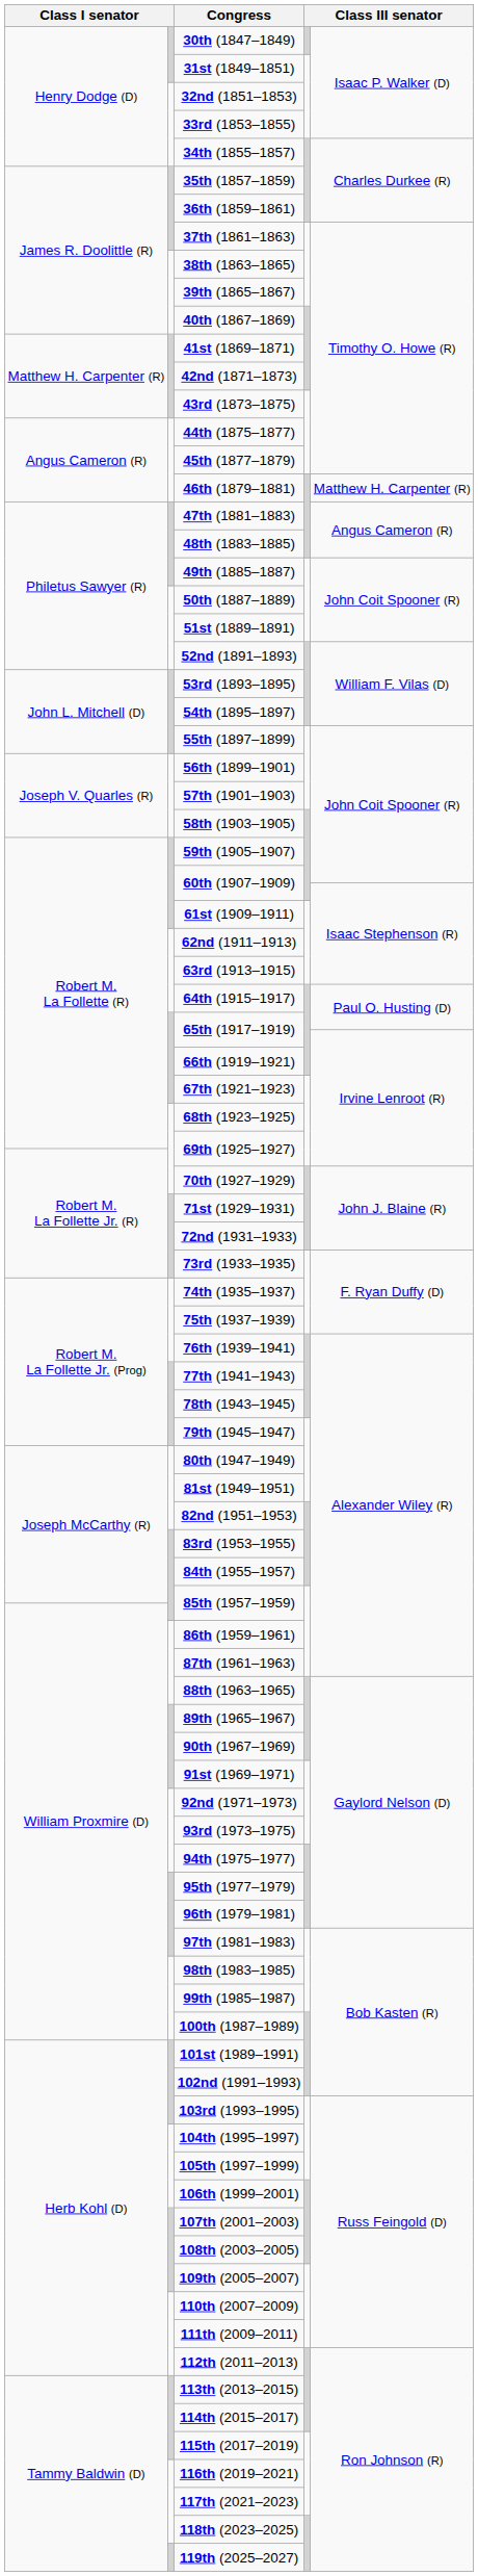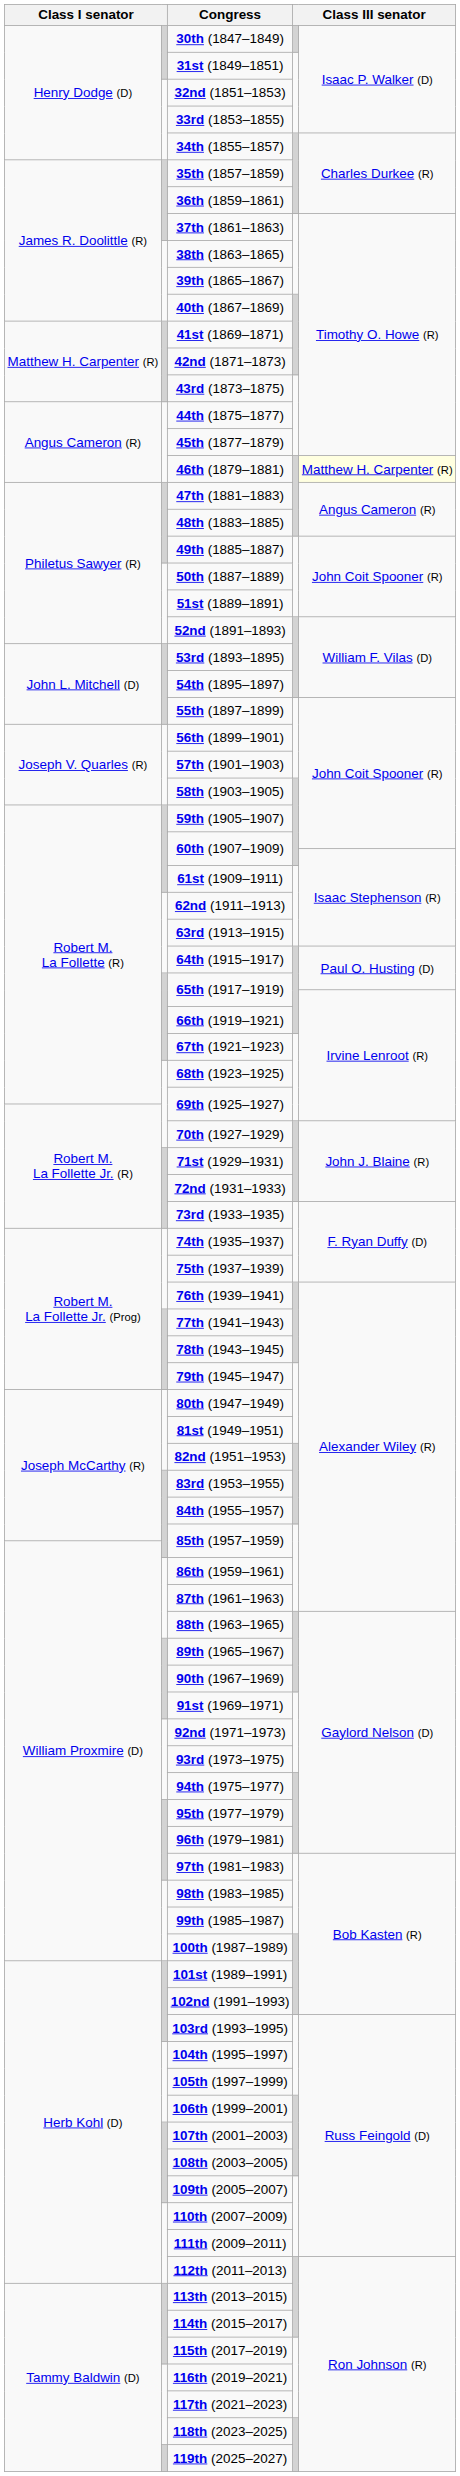 <table class="wikitable sticky-header" style="text-align:center">
 <tr>
 <th colspan="2">Class I senator</th>
 <th>Congress</th>
 <th colspan="2">Class III senator</th>
 </tr>
 <tr style="height:2em">
 <td rowspan="5" ><a href='#'>Henry Dodge</a> <small>(D)</small></td>
 <td rowspan="2" style="background: #D3D3D3"></td>
 <td><strong><a href='#'>30th</a></strong> (1847–1849)</td>
 <td style="background: #D3D3D3"></td>
 <td rowspan="4" ><a href='#'>Isaac P. Walker</a> <small>(D)</small></td>
 </tr>
 <tr style="height:2em">
 <td><strong><a href='#'>31st</a></strong> (1849–1851)</td>
 <td rowspan="3"></td>
 </tr>
 <tr style="height:2em">
 <td rowspan="3"></td>
 <td><strong><a href='#'>32nd</a></strong> (1851–1853)</td>
 </tr>
 <tr style="height:2em">
 <td><strong><a href='#'>33rd</a></strong> (1853–1855)</td>
 </tr>
 <tr style="height:2em">
 <td><strong><a href='#'>34th</a></strong> (1855–1857)</td>
 <td rowspan="3" style="background: #D3D3D3"></td>
 <td rowspan="3" ><a href='#'>Charles Durkee</a> <small>(R)</small></td>
 </tr>
 <tr style="height:2em">
 <td rowspan="6" ><a href='#'>James R. Doolittle</a> <small>(R)</small></td>
 <td rowspan="3" style="background: #D3D3D3"></td>
 <td><strong><a href='#'>35th</a></strong> (1857–1859)</td>
 </tr>
 <tr style="height:2em">
 <td><strong><a href='#'>36th</a></strong> (1859–1861)</td>
 </tr>
 <tr style="height:2em">
 <td><strong><a href='#'>37th</a></strong> (1861–1863)</td>
 <td rowspan="3"></td>
 <td rowspan="9" ><a href='#'>Timothy O. Howe</a> <small>(R)</small></td>
 </tr>
 <tr style="height:2em">
 <td rowspan="3"></td>
 <td><strong><a href='#'>38th</a></strong> (1863–1865)</td>
 </tr>
 <tr style="height:2em">
 <td><strong><a href='#'>39th</a></strong> (1865–1867)</td>
 </tr>
 <tr style="height:2em">
 <td><strong><a href='#'>40th</a></strong> (1867–1869)</td>
 <td rowspan="3" style="background: #D3D3D3"></td>
 </tr>
 <tr style="height:2em">
 <td rowspan="3" ><a href='#'>Matthew H. Carpenter</a> <small>(R)</small></td>
 <td rowspan="3" style="background: #D3D3D3"></td>
 <td><strong><a href='#'>41st</a></strong> (1869–1871)</td>
 </tr>
 <tr style="height:2em">
 <td><strong><a href='#'>42nd</a></strong> (1871–1873)</td>
 </tr>
 <tr style="height:2em">
 <td><strong><a href='#'>43rd</a></strong> (1873–1875)</td>
 <td rowspan="3"></td>
 </tr>
 <tr style="height:2em">
 <td rowspan="3" ><a href='#'>Angus Cameron</a> <small>(R)</small></td>
 <td rowspan="3"></td>
 <td><strong><a href='#'>44th</a></strong> (1875–1877)</td>
 </tr>
 <tr style="height:2em">
 <td><strong><a href='#'>45th</a></strong> (1877–1879)</td>
 </tr>
 <tr style="height:2em">
 <td><strong><a href='#'>46th</a></strong> (1879–1881)</td>
 <td rowspan="3" style="background: #D3D3D3"></td>
-<td><a href='#'>Matthew H. Carpenter</a> <small>(R)</small></td>
+<td style="background: lightyellow;"><a href='#'>Matthew H. Carpenter</a> <small>(R)</small></td>
 </tr>
 <tr style="height:2em">
 <td rowspan="6" ><a href='#'>Philetus Sawyer</a> <small>(R)</small></td>
 <td rowspan="3" style="background: #D3D3D3"></td>
 <td><strong><a href='#'>47th</a></strong> (1881–1883)</td>
 <td rowspan="2" ><a href='#'>Angus Cameron</a> <small>(R)</small></td>
 </tr>
 <tr style="height:2em">
 <td><strong><a href='#'>48th</a></strong> (1883–1885)</td>
 </tr>
 <tr style="height:2em">
 <td><strong><a href='#'>49th</a></strong> (1885–1887)</td>
 <td rowspan="3"></td>
 <td rowspan="3" ><a href='#'>John Coit Spooner</a> <small>(R)</small></td>
 </tr>
 <tr style="height:2em">
 <td rowspan="3"></td>
 <td><strong><a href='#'>50th</a></strong> (1887–1889)</td>
 </tr>
 <tr style="height:2em">
 <td><strong><a href='#'>51st</a></strong> (1889–1891)</td>
 </tr>
 <tr style="height:2em">
 <td><strong><a href='#'>52nd</a></strong> (1891–1893)</td>
 <td rowspan="3" style="background: #D3D3D3"></td>
 <td rowspan="3" ><a href='#'>William F. Vilas</a> <small>(D)</small></td>
 </tr>
 <tr style="height:2em">
 <td rowspan="3" ><a href='#'>John L. Mitchell</a> <small>(D)</small></td>
 <td rowspan="3" style="background: #D3D3D3"></td>
 <td><strong><a href='#'>53rd</a></strong> (1893–1895)</td>
 </tr>
 <tr style="height:2em">
 <td><strong><a href='#'>54th</a></strong> (1895–1897)</td>
 </tr>
 <tr style="height:2em">
 <td><strong><a href='#'>55th</a></strong> (1897–1899)</td>
 <td rowspan="3"></td>
 <td rowspan="6" ><a href='#'>John Coit Spooner</a> <small>(R)</small></td>
 </tr>
 <tr style="height:2em">
 <td rowspan="3" ><a href='#'>Joseph V. Quarles</a> <small>(R)</small></td>
 <td rowspan="3"></td>
 <td><strong><a href='#'>56th</a></strong> (1899–1901)</td>
 </tr>
 <tr style="height:2em">
 <td><strong><a href='#'>57th</a></strong> (1901–1903)</td>
 </tr>
 <tr style="height:2em">
 <td><strong><a href='#'>58th</a></strong> (1903–1905)</td>
 <td rowspan="4" style="background: #D3D3D3"></td>
 </tr>
 <tr style="height:2em">
 <td rowspan="13" ><a href='#'>Robert M.<br>La Follette</a> <small>(R)</small></td>
 <td rowspan="4" style="background: #D3D3D3"></td>
 <td><strong><a href='#'>59th</a></strong> (1905–1907)</td>
 </tr>
 <tr style="height:1.25em">
 <td rowspan="2"><strong><a href='#'>60th</a></strong> (1907–1909)</td>
 </tr>
 <tr style="height:1.25em">
 <td rowspan="4" ><a href='#'>Isaac Stephenson</a> <small>(R)</small></td>
 </tr>
 <tr style="height:2em">
 <td><strong><a href='#'>61st</a></strong> (1909–1911)</td>
 <td rowspan="3"></td>
 </tr>
 <tr style="height:2em">
 <td rowspan="3"></td>
 <td><strong><a href='#'>62nd</a></strong> (1911–1913)</td>
 </tr>
 <tr style="height:2em">
 <td><strong><a href='#'>63rd</a></strong> (1913–1915)</td>
 </tr>
 <tr style="height:2em">
 <td><strong><a href='#'>64th</a></strong> (1915–1917)</td>
 <td rowspan="4" style="background: #D3D3D3"></td>
 <td rowspan="2" ><a href='#'>Paul O. Husting</a> <small>(D)</small></td>
 </tr>
 <tr style="height:1.25em">
 <td rowspan="4" style="background: #D3D3D3"></td>
 <td rowspan="2"><strong><a href='#'>65th</a></strong> (1917–1919)</td>
 </tr>
 <tr style="height:1.25em">
 <td rowspan="6" ><a href='#'>Irvine Lenroot</a> <small>(R)</small></td>
 </tr>
 <tr style="height:2em">
 <td><strong><a href='#'>66th</a></strong> (1919–1921)</td>
 </tr>
 <tr style="height:2em">
 <td><strong><a href='#'>67th</a></strong> (1921–1923)</td>
 <td rowspan="4"></td>
 </tr>
 <tr style="height:2em">
 <td rowspan="4"></td>
 <td><strong><a href='#'>68th</a></strong> (1923–1925)</td>
 </tr>
 <tr style="height:1.25em">
 <td rowspan="2"><strong><a href='#'>69th</a></strong> (1925–1927)</td>
 </tr>
 <tr style="height:1.25em">
 <td rowspan="5" ><a href='#'>Robert M.<br>La Follette Jr.</a> <small>(R)</small></td>
 </tr>
 <tr style="height:2em">
 <td><strong><a href='#'>70th</a></strong> (1927–1929)</td>
 <td rowspan="3" style="background: #D3D3D3"></td>
 <td rowspan="3" ><a href='#'>John J. Blaine</a> <small>(R)</small></td>
 </tr>
 <tr style="height:2em">
 <td rowspan="3" style="background: #D3D3D3"></td>
 <td><strong><a href='#'>71st</a></strong> (1929–1931)</td>
 </tr>
 <tr style="height:2em">
 <td><strong><a href='#'>72nd</a></strong> (1931–1933)</td>
 </tr>
 <tr style="height:2em">
 <td><strong><a href='#'>73rd</a></strong> (1933–1935)</td>
 <td rowspan="3"></td>
 <td rowspan="3" ><a href='#'>F. Ryan Duffy</a> <small>(D)</small></td>
 </tr>
 <tr style="height:2em">
 <td rowspan="6" ><a href='#'>Robert M.<br>La Follette Jr.</a> <small>(Prog)</small></td>
 <td rowspan="3"></td>
 <td><strong><a href='#'>74th</a></strong> (1935–1937)</td>
 </tr>
 <tr style="height:2em">
 <td><strong><a href='#'>75th</a></strong> (1937–1939)</td>
 </tr>
 <tr style="height:2em">
 <td><strong><a href='#'>76th</a></strong> (1939–1941)</td>
 <td rowspan="3" style="background: #D3D3D3"></td>
 <td rowspan="13" ><a href='#'>Alexander Wiley</a> <small>(R)</small></td>
 </tr>
 <tr style="height:2em">
 <td rowspan="3" style="background: #D3D3D3"></td>
 <td><strong><a href='#'>77th</a></strong> (1941–1943)</td>
 </tr>
 <tr style="height:2em">
 <td><strong><a href='#'>78th</a></strong> (1943–1945)</td>
 </tr>
 <tr style="height:2em">
 <td><strong><a href='#'>79th</a></strong> (1945–1947)</td>
 <td rowspan="3"></td>
 </tr>
 <tr style="height:2em">
 <td rowspan="6" ><a href='#'>Joseph McCarthy</a> <small>(R)</small></td>
 <td rowspan="3"></td>
 <td><strong><a href='#'>80th</a></strong> (1947–1949)</td>
 </tr>
 <tr style="height:2em">
 <td><strong><a href='#'>81st</a></strong> (1949–1951)</td>
 </tr>
 <tr style="height:2em">
 <td><strong><a href='#'>82nd</a></strong> (1951–1953)</td>
 <td rowspan="3" style="background: #D3D3D3"></td>
 </tr>
 <tr style="height:2em">
 <td rowspan="4" style="background: #D3D3D3"></td>
 <td><strong><a href='#'>83rd</a></strong> (1953–1955)</td>
 </tr>
 <tr style="height:2em">
 <td><strong><a href='#'>84th</a></strong> (1955–1957)</td>
 </tr>
 <tr style="height:1.25em">
 <td rowspan="2"><strong><a href='#'>85th</a></strong> (1957–1959)</td>
 <td rowspan="4"></td>
 </tr>
 <tr style="height:1.25em">
 <td rowspan="16" ><a href='#'>William Proxmire</a> <small>(D)</small></td>
 </tr>
 <tr style="height:2em">
 <td rowspan="3"></td>
 <td><strong><a href='#'>86th</a></strong> (1959–1961)</td>
 </tr>
 <tr style="height:2em">
 <td><strong><a href='#'>87th</a></strong> (1961–1963)</td>
 </tr>
 <tr style="height:2em">
 <td><strong><a href='#'>88th</a></strong> (1963–1965)</td>
 <td rowspan="3" style="background: #D3D3D3"></td>
 <td rowspan="9" ><a href='#'>Gaylord Nelson</a> <small>(D)</small></td>
 </tr>
 <tr style="height:2em">
 <td rowspan="3" style="background: #D3D3D3"></td>
 <td><strong><a href='#'>89th</a></strong> (1965–1967)</td>
 </tr>
 <tr style="height:2em">
 <td><strong><a href='#'>90th</a></strong> (1967–1969)</td>
 </tr>
 <tr style="height:2em">
 <td><strong><a href='#'>91st</a></strong> (1969–1971)</td>
 <td rowspan="3"></td>
 </tr>
 <tr style="height:2em">
 <td rowspan="3"></td>
 <td><strong><a href='#'>92nd</a></strong> (1971–1973)</td>
 </tr>
 <tr style="height:2em">
 <td><strong><a href='#'>93rd</a></strong> (1973–1975)</td>
 </tr>
 <tr style="height:2em">
 <td><strong><a href='#'>94th</a></strong> (1975–1977)</td>
 <td rowspan="3" style="background: #D3D3D3"></td>
 </tr>
 <tr style="height:2em">
 <td rowspan="3" style="background: #D3D3D3"></td>
 <td><strong><a href='#'>95th</a></strong> (1977–1979)</td>
 </tr>
 <tr style="height:2em">
 <td><strong><a href='#'>96th</a></strong> (1979–1981)</td>
 </tr>
 <tr style="height:2em">
 <td><strong><a href='#'>97th</a></strong> (1981–1983)</td>
 <td rowspan="3"></td>
 <td rowspan="6" ><a href='#'>Bob Kasten</a> <small>(R)</small></td>
 </tr>
 <tr style="height:2em">
 <td rowspan="3"></td>
 <td><strong><a href='#'>98th</a></strong> (1983–1985)</td>
 </tr>
 <tr style="height:2em">
 <td><strong><a href='#'>99th</a></strong> (1985–1987)</td>
 </tr>
 <tr style="height:2em">
 <td><strong><a href='#'>100th</a></strong> (1987–1989)</td>
 <td rowspan="3" style="background: #D3D3D3"></td>
 </tr>
 <tr style="height:2em">
 <td rowspan="12" ><a href='#'>Herb Kohl</a> <small>(D)</small></td>
 <td rowspan="3" style="background: #D3D3D3"></td>
 <td><strong><a href='#'>101st</a></strong> (1989–1991)</td>
 </tr>
 <tr style="height:2em">
 <td><strong><a href='#'>102nd</a></strong> (1991–1993)</td>
 </tr>
 <tr style="height:2em">
 <td><strong><a href='#'>103rd</a></strong> (1993–1995)</td>
 <td rowspan="3"></td>
 <td rowspan="9" ><a href='#'>Russ Feingold</a> <small>(D)</small></td>
 </tr>
 <tr style="height:2em">
 <td rowspan="3"></td>
 <td><strong><a href='#'>104th</a></strong> (1995–1997)</td>
 </tr>
 <tr style="height:2em">
 <td><strong><a href='#'>105th</a></strong> (1997–1999)</td>
 </tr>
 <tr style="height:2em">
 <td><strong><a href='#'>106th</a></strong> (1999–2001)</td>
 <td rowspan="3" style="background: #D3D3D3"></td>
 </tr>
 <tr style="height:2em">
 <td rowspan="3" style="background: #D3D3D3"></td>
 <td><strong><a href='#'>107th</a></strong> (2001–2003)</td>
 </tr>
 <tr style="height:2em">
 <td><strong><a href='#'>108th</a></strong> (2003–2005)</td>
 </tr>
 <tr style="height:2em">
 <td><strong><a href='#'>109th</a></strong> (2005–2007)</td>
 <td rowspan="3"></td>
 </tr>
 <tr style="height:2em">
 <td rowspan="3"></td>
 <td><strong><a href='#'>110th</a></strong> (2007–2009)</td>
 </tr>
 <tr style="height:2em">
 <td><strong><a href='#'>111th</a></strong> (2009–2011)</td>
 </tr>
 <tr style="height:2em">
 <td><strong><a href='#'>112th</a></strong> (2011–2013)</td>
 <td rowspan="3" style="background: #D3D3D3"></td>
 <td rowspan="8" ><a href='#'>Ron Johnson</a> <small>(R)</small></td>
 </tr>
 <tr style="height:2em">
 <td rowspan="7" ><a href='#'>Tammy Baldwin</a> <small>(D)</small></td>
 <td rowspan="3" style="background: #D3D3D3"></td>
 <td><strong><a href='#'>113th</a></strong> (2013–2015)</td>
 </tr>
 <tr style="height:2em">
 <td><strong><a href='#'>114th</a></strong> (2015–2017)</td>
 </tr>
 <tr style="height:2em">
 <td><strong><a href='#'>115th</a></strong> (2017–2019)</td>
 <td rowspan="3"></td>
 </tr>
 <tr style="height:2em">
 <td rowspan="3"></td>
 <td><strong><a href='#'>116th</a></strong> (2019–2021)</td>
 </tr>
 <tr style="height:2em">
 <td><strong><a href='#'>117th</a></strong> (2021–2023)</td>
 </tr>
 <tr style="height:2em">
 <td><strong><a href='#'>118th</a></strong> (2023–2025)</td>
 <td rowspan="2" style="background: #D3D3D3"></td>
 </tr>
 <tr style="height:2em">
 <td rowspan="1" style="background: #D3D3D3"></td>
 <td><strong><a href='#'>119th</a></strong> (2025–2027)</td>
 </tr>
 </table>
